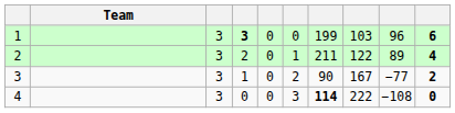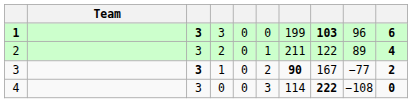 <table class=wikitable style=text-align:center>
 <tr>
 <th width=20 abbr=Position></th>
 <th width=175>Team</th>
 <th width=20 abbr=Played></th>
 <th width=20 abbr=Won></th>
 <th width=20 abbr=Drawn></th>
 <th width=20 abbr=Lost></th>
 <th width=30 abbr=Goal For></th>
 <th width=30 abbr=Goal Against></th>
 <th width=30 abbr=Goal Difference></th>
 <th width=30 abbr=Points></th>
 </tr>
 <tr bgcolor=#CCFFCC>
-<td>1 </td>
+<td><strong>1 </strong></td>
 <td align=left></td>
+<td><strong>3</strong></td>
 <td>3</td>
-<td><strong>3</strong></td>
 <td>0</td>
 <td>0</td>
 <td>199</td>
-<td>103</td>
+<td><strong>103</strong></td>
 <td>96</td>
 <td><strong>6</strong></td>
 </tr>
 <tr bgcolor=#CCFFCC>
 <td>2 </td>
 <td align=left></td>
 <td>3</td>
 <td>2</td>
 <td>0</td>
 <td>1</td>
 <td>211</td>
 <td>122</td>
 <td>89</td>
 <td><strong>4</strong></td>
 </tr>
 <tr>
 <td>3 </td>
 <td align=left></td>
-<td>3</td>
+<td><strong>3</strong></td>
 <td>1</td>
 <td>0</td>
 <td>2</td>
-<td>90</td>
+<td><strong>90</strong></td>
 <td>167</td>
 <td>−77</td>
 <td><strong>2</strong></td>
 </tr>
 <tr>
 <td>4 </td>
 <td align=left></td>
 <td>3</td>
 <td>0</td>
 <td>0</td>
 <td>3</td>
-<td><strong>114</strong></td>
-<td>222</td>
+<td>114</td>
+<td><strong>222</strong></td>
 <td>−108</td>
 <td><strong>0</strong></td>
 </tr>
 </table>
